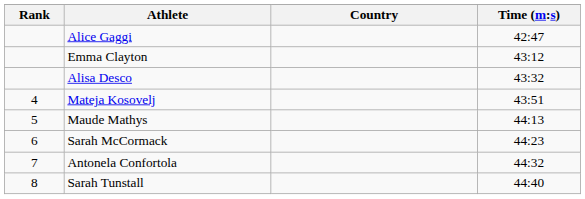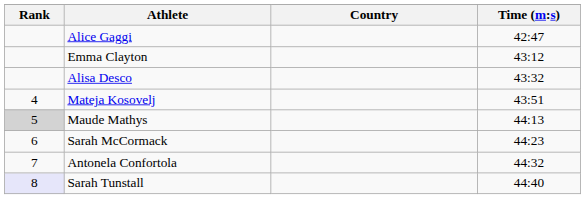 <table class="wikitable" width=55%>
 <tr>
 </tr>
 <tr>
 <th width=5%>Rank</th>
 <th width=20%>Athlete</th>
 <th width=20%>Country</th>
 <th width=10%>Time (<a href='#'>m</a>:<a href='#'>s</a>)</th>
 </tr>
 <tr align="center">
 <td></td>
 <td align="left"><a href='#'>Alice Gaggi</a></td>
 <td align="left"></td>
 <td>42:47</td>
 </tr>
 <tr align="center">
 <td></td>
 <td align="left">Emma Clayton</td>
 <td align="left"></td>
 <td>43:12</td>
 </tr>
 <tr align="center">
 <td></td>
 <td align="left"><a href='#'>Alisa Desco</a></td>
 <td align="left"></td>
 <td>43:32</td>
 </tr>
 <tr align="center">
 <td>4</td>
 <td align="left"><a href='#'>Mateja Kosovelj</a></td>
 <td align="left"></td>
 <td>43:51</td>
 </tr>
 <tr align="center">
-<td>5</td>
+<td style="background: lightgrey;">5</td>
 <td align="left">Maude Mathys</td>
 <td align="left"></td>
 <td>44:13</td>
 </tr>
 <tr align="center">
 <td>6</td>
 <td align="left">Sarah McCormack</td>
 <td align="left"></td>
 <td>44:23</td>
 </tr>
 <tr align="center">
 <td>7</td>
 <td align="left">Antonela Confortola</td>
 <td align="left"></td>
 <td>44:32</td>
 </tr>
 <tr align="center">
-<td>8</td>
+<td style="background: lavender;">8</td>
 <td align="left">Sarah Tunstall</td>
 <td align="left"></td>
 <td>44:40</td>
 </tr>
 </table>
